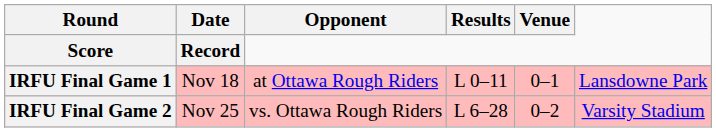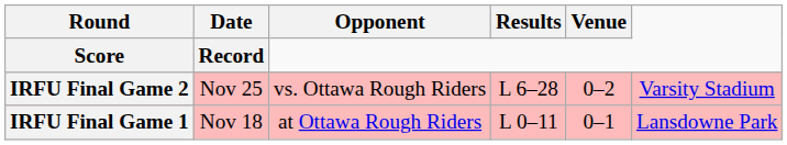 <table class="wikitable" style="text-align:center">
 <tr>
 <th>Round</th>
 <th>Date</th>
 <th>Opponent</th>
 <th>Results</th>
 <th>Venue</th>
 </tr>
 <tr>
 <th>Score</th>
 <th>Record</th>
 </tr>
 <tr style="background:#ffbbbb">
+<th>IRFU Final Game 2</th>
+<td>Nov 25</td>
+<td>vs. Ottawa Rough Riders</td>
+<td>L 6–28</td>
+<td>0–2</td>
+<td><a href='#'>Varsity Stadium</a></td>
+</tr>
+<tr style="background:#ffbbbb">
 <th>IRFU Final Game 1</th>
 <td>Nov 18</td>
 <td>at <a href='#'>Ottawa Rough Riders</a></td>
 <td>L 0–11</td>
 <td>0–1</td>
 <td><a href='#'>Lansdowne Park</a></td>
 </tr>
-<tr style="background:#ffbbbb">
-<th>IRFU Final Game 2</th>
-<td>Nov 25</td>
-<td>vs. Ottawa Rough Riders</td>
-<td>L 6–28</td>
-<td>0–2</td>
-<td><a href='#'>Varsity Stadium</a></td>
-</tr>
 </table>
